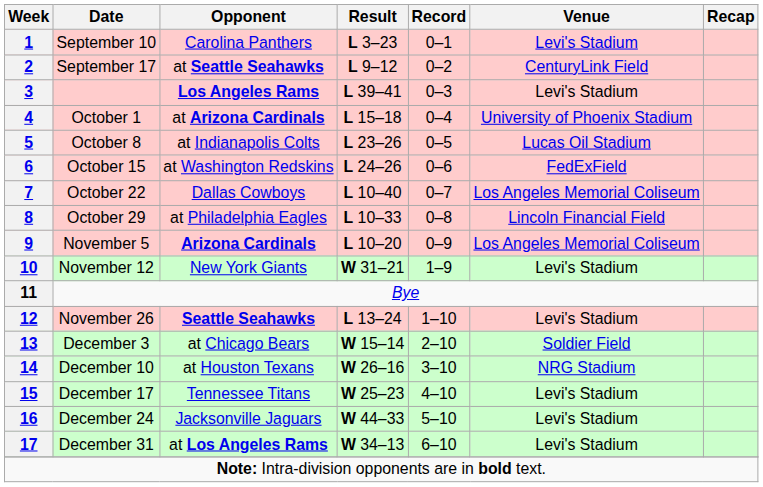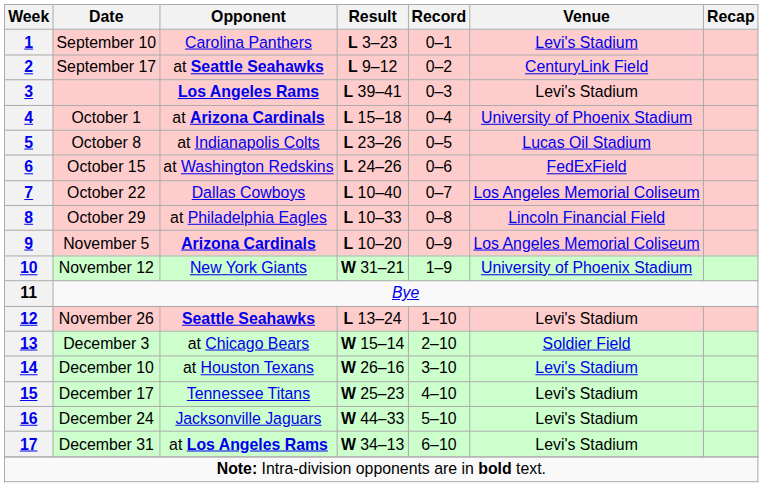 <table class="wikitable" style="text-align:center">
 <tr>
 <th>Week</th>
 <th>Date</th>
 <th>Opponent</th>
 <th>Result</th>
 <th>Record</th>
 <th>Venue</th>
 <th>Recap</th>
 </tr>
 <tr style="background:#fcc">
 <th><a href='#'>1</a></th>
 <td>September 10</td>
 <td><a href='#'>Carolina Panthers</a></td>
 <td><strong>L</strong> 3–23</td>
 <td>0–1</td>
 <td><a href='#'>Levi's Stadium</a></td>
 <td></td>
 </tr>
 <tr style="background:#fcc">
 <th><a href='#'>2</a></th>
 <td>September 17</td>
 <td>at <strong><a href='#'>Seattle Seahawks</a></strong></td>
 <td><strong>L</strong> 9–12</td>
 <td>0–2</td>
 <td><a href='#'>CenturyLink Field</a></td>
 <td></td>
 </tr>
 <tr style="background:#fcc">
 <th><a href='#'>3</a></th>
 <td></td>
 <td><strong><a href='#'>Los Angeles Rams</a></strong></td>
 <td><strong>L</strong> 39–41</td>
 <td>0–3</td>
 <td>Levi's Stadium</td>
 <td></td>
 </tr>
 <tr style="background:#fcc">
 <th><a href='#'>4</a></th>
 <td>October 1</td>
 <td>at <strong><a href='#'>Arizona Cardinals</a></strong></td>
 <td><strong>L</strong> 15–18 </td>
 <td>0–4</td>
 <td><a href='#'>University of Phoenix Stadium</a></td>
 <td></td>
 </tr>
 <tr style="background:#fcc">
 <th><a href='#'>5</a></th>
 <td>October 8</td>
 <td>at <a href='#'>Indianapolis Colts</a></td>
 <td><strong>L</strong> 23–26 </td>
 <td>0–5</td>
 <td><a href='#'>Lucas Oil Stadium</a></td>
 <td></td>
 </tr>
 <tr style="background:#fcc">
 <th><a href='#'>6</a></th>
 <td>October 15</td>
 <td>at <a href='#'>Washington Redskins</a></td>
 <td><strong>L</strong> 24–26</td>
 <td>0–6</td>
 <td><a href='#'>FedExField</a></td>
 <td></td>
 </tr>
 <tr style="background:#fcc">
 <th><a href='#'>7</a></th>
 <td>October 22</td>
 <td><a href='#'>Dallas Cowboys</a></td>
 <td><strong>L</strong> 10–40</td>
 <td>0–7</td>
 <td><a href='#'>Los Angeles Memorial Coliseum</a></td>
 <td></td>
 </tr>
 <tr style="background:#fcc">
 <th><a href='#'>8</a></th>
 <td>October 29</td>
 <td>at <a href='#'>Philadelphia Eagles</a></td>
 <td><strong>L</strong> 10–33</td>
 <td>0–8</td>
 <td><a href='#'>Lincoln Financial Field</a></td>
 <td></td>
 </tr>
 <tr style="background:#fcc">
 <th><a href='#'>9</a></th>
 <td>November 5</td>
 <td><strong><a href='#'>Arizona Cardinals</a></strong></td>
 <td><strong>L</strong> 10–20</td>
 <td>0–9</td>
 <td><a href='#'>Los Angeles Memorial Coliseum</a></td>
 <td></td>
 </tr>
 <tr style="background:#cfc">
 <th><a href='#'>10</a></th>
 <td>November 12</td>
 <td><a href='#'>New York Giants</a></td>
 <td><strong>W</strong> 31–21</td>
 <td>1–9</td>
-<td>Levi's Stadium</td>
+<td><a href='#'>University of Phoenix Stadium</a></td>
 <td></td>
 </tr>
 <tr>
 <th>11</th>
 <td colspan="6"><em><a href='#'>Bye</a></em></td>
 </tr>
 <tr style="background:#fcc">
 <th><a href='#'>12</a></th>
 <td>November 26</td>
 <td><strong><a href='#'>Seattle Seahawks</a></strong></td>
 <td><strong>L</strong> 13–24</td>
 <td>1–10</td>
 <td>Levi's Stadium</td>
 <td></td>
 </tr>
 <tr style="background:#cfc">
 <th><a href='#'>13</a></th>
 <td>December 3</td>
 <td>at <a href='#'>Chicago Bears</a></td>
 <td><strong>W</strong> 15–14</td>
 <td>2–10</td>
 <td><a href='#'>Soldier Field</a></td>
 <td></td>
 </tr>
 <tr style="background:#cfc">
 <th><a href='#'>14</a></th>
 <td>December 10</td>
 <td>at <a href='#'>Houston Texans</a></td>
 <td><strong>W</strong> 26–16</td>
 <td>3–10</td>
-<td><a href='#'>NRG Stadium</a></td>
+<td><a href='#'>Levi's Stadium</a></td>
 <td></td>
 </tr>
 <tr style="background:#cfc">
 <th><a href='#'>15</a></th>
 <td>December 17</td>
 <td><a href='#'>Tennessee Titans</a></td>
 <td><strong>W</strong> 25–23</td>
 <td>4–10</td>
 <td>Levi's Stadium</td>
 <td></td>
 </tr>
 <tr style="background:#cfc">
 <th><a href='#'>16</a></th>
 <td>December 24</td>
 <td><a href='#'>Jacksonville Jaguars</a></td>
 <td><strong>W</strong> 44–33</td>
 <td>5–10</td>
 <td>Levi's Stadium</td>
 <td></td>
 </tr>
 <tr style="background:#cfc">
 <th><a href='#'>17</a></th>
 <td>December 31</td>
 <td>at <strong><a href='#'>Los Angeles Rams</a></strong></td>
 <td><strong>W</strong> 34–13</td>
 <td>6–10</td>
 <td>Levi's Stadium</td>
 <td></td>
 </tr>
 <tr>
 </tr>
 <tr>
 <td colspan="8"><strong>Note:</strong> Intra-division opponents are in <strong>bold</strong> text.</td>
 </tr>
 </table>
